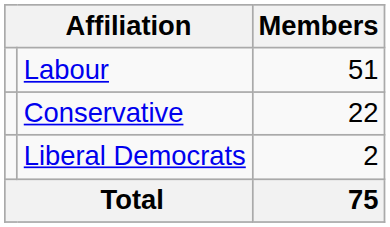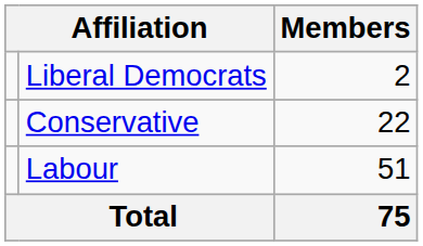 <table class="wikitable">
 <tr>
 <th colspan="2">Affiliation</th>
 <th>Members</th>
 </tr>
 <tr>
 <td style="color:inherit;background:"></td>
-<td><a href='#'>Labour</a></td>
-<td style="text-align:right;">51</td>
+<td><a href='#'>Liberal Democrats</a></td>
+<td style="text-align:right;">2</td>
 </tr>
 <tr>
 <td style="color:inherit;background:"></td>
 <td><a href='#'>Conservative</a></td>
 <td style="text-align:right;">22</td>
 </tr>
 <tr>
 <td style="color:inherit;background:"></td>
-<td><a href='#'>Liberal Democrats</a></td>
-<td style="text-align:right;">2</td>
+<td><a href='#'>Labour</a></td>
+<td style="text-align:right;">51</td>
 </tr>
 <tr>
 <th colspan="2"> Total</th>
 <th style="text-align:right;">75</th>
 </tr>
 </table>
